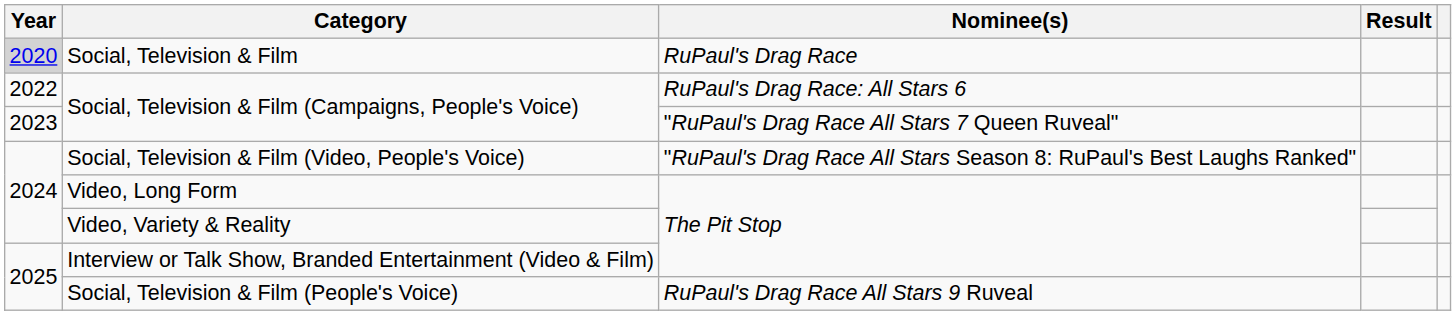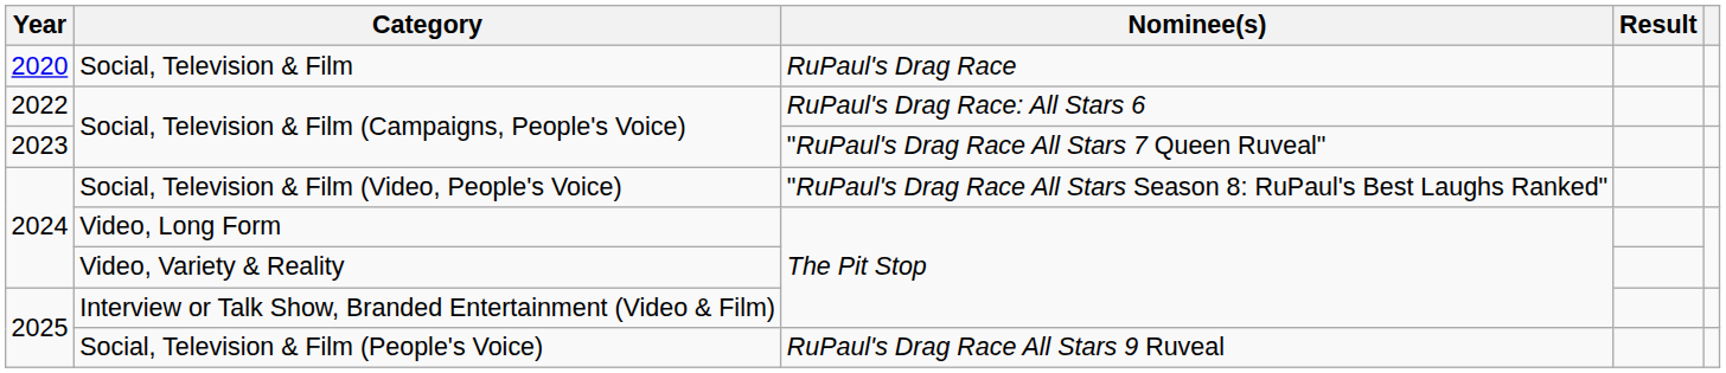 <table class="wikitable">
 <tr>
 <th>Year</th>
 <th>Category</th>
 <th>Nominee(s)</th>
 <th>Result</th>
 <th scope="col" class="unsortable" style="width:1%;"></th>
 </tr>
 <tr>
-<td style="background: lightgrey;"><a href='#'>2020</a></td>
+<td><a href='#'>2020</a></td>
 <td>Social, Television & Film</td>
 <td><em>RuPaul's Drag Race</em></td>
 <td></td>
 <td></td>
 </tr>
 <tr>
 <td>2022</td>
 <td rowspan="2">Social, Television & Film (Campaigns, People's Voice)</td>
 <td><em>RuPaul's Drag Race: All Stars 6</em></td>
 <td></td>
 <td></td>
 </tr>
 <tr>
 <td>2023</td>
 <td>"<em>RuPaul's Drag Race All Stars 7</em> Queen Ruveal"</td>
 <td></td>
 <td></td>
 </tr>
 <tr>
 <td rowspan="3">2024</td>
 <td>Social, Television & Film (Video, People's Voice)</td>
 <td>"<em>RuPaul's Drag Race All Stars</em> Season 8: RuPaul's Best Laughs Ranked"</td>
 <td></td>
 <td></td>
 </tr>
 <tr>
 <td>Video, Long Form</td>
 <td rowspan="3"><em>The Pit Stop</em></td>
 <td></td>
 <td rowspan="2"></td>
 </tr>
 <tr>
 <td>Video, Variety & Reality</td>
 <td></td>
 </tr>
 <tr>
 <td rowspan="2">2025</td>
 <td>Interview or Talk Show, Branded Entertainment (Video & Film)</td>
 <td></td>
 <td></td>
 </tr>
 <tr>
 <td>Social, Television & Film (People's Voice)</td>
 <td><em>RuPaul's Drag Race All Stars 9</em> Ruveal</td>
 <td></td>
 <td></td>
 </tr>
 </table>
